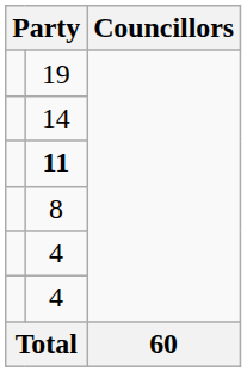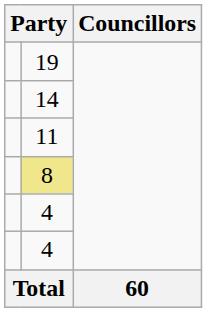 <table class="wikitable">
 <tr>
 <th colspan=2>Party</th>
 <th>Councillors</th>
 </tr>
 <tr>
 <td></td>
 <td align=center>19</td>
 </tr>
 <tr>
 <td></td>
 <td align=center>14</td>
 </tr>
 <tr>
 <td></td>
-<td align=center><strong>11</strong></td>
+<td align=center>11</td>
 </tr>
 <tr>
 <td></td>
-<td align=center>8</td>
+<td align=center style="background: khaki;">8</td>
 </tr>
 <tr>
 <td></td>
 <td align=center>4</td>
 </tr>
 <tr>
 <td></td>
 <td align=center>4</td>
 </tr>
 <tr>
 <th colspan=2>Total</th>
 <th align=center>60</th>
 </tr>
 </table>
